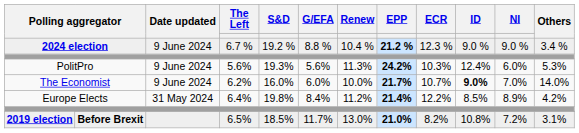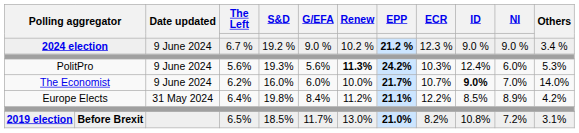 <table class="wikitable collapsible" style="text-align:center; font-size:95%; line-height:16px;">
 <tr style="height:42px;">
 <th colspan="2" rowspan="2">Polling aggregator</th>
 <th rowspan="2" style="width:100px;">Date updated</th>
 <th class="unsortable" style="width:50px;"><a href='#'>The Left</a></th>
 <th class="unsortable" style="width:50px;"><a href='#'>S&D</a></th>
 <th class="unsortable" style="width:50px;"><a href='#'>G/EFA</a></th>
 <th class="unsortable" style="width:50px;"><a href='#'>Renew</a></th>
 <th class="unsortable" style="width:50px;"><a href='#'>EPP</a></th>
 <th class="unsortable" style="width:50px;"><a href='#'>ECR</a></th>
 <th class="unsortable" style="width:50px;"><a href='#'>ID</a></th>
 <th class="unsortable" style="width:50px;"><a href='#'>NI</a></th>
 <th rowspan="2" class="unsortable" style="width:50px;">Others</th>
 </tr>
 <tr>
 <th data-sort-type="number" style="color:inherit;background:"></th>
 <th data-sort-type="number" style="color:inherit;background:"></th>
 <th data-sort-type="number" style="color:inherit;background:"></th>
 <th data-sort-type="number" style="color:inherit;background:"></th>
 <th data-sort-type="number" style="color:inherit;background:"></th>
 <th data-sort-type="number" style="color:inherit;background:"></th>
 <th data-sort-type="number" style="color:inherit;background:"></th>
 <th data-sort-type="number" style="color:inherit;background:"></th>
 </tr>
 <tr style="background:#EFEFEF;">
 <td colspan="2"><strong><a href='#'>2024 election</a></strong></td>
 <td>9 June 2024</td>
 <td>6.7 %</td>
 <td>19.2 %</td>
-<td>8.8 %</td>
-<td>10.4 %</td>
+<td>9.0 %</td>
+<td>10.2 %</td>
 <td style="background:#CCE5FF;"><strong>21.2 %</strong></td>
 <td>12.3 %</td>
 <td>9.0 %</td>
 <td>9.0 %</td>
 <td>3.4 %</td>
 </tr>
 <tr>
 <td colspan="13" style="background:#A0A0A0"></td>
 </tr>
 <tr>
 <td colspan="2">PolitPro</td>
 <td>9 June 2024</td>
 <td>5.6%</td>
 <td>19.3%</td>
 <td>5.6%</td>
-<td>11.3%</td>
+<td><strong>11.3%</strong></td>
 <td style="background:#CCE5FF;"><strong>24.2%</strong></td>
 <td>10.3%</td>
 <td>12.4%</td>
 <td>6.0%</td>
 <td>5.3%</td>
 </tr>
 <tr>
 <td colspan="2"><a href='#'>The Economist</a></td>
 <td>9 June 2024</td>
 <td>6.2%</td>
 <td>16.0%</td>
 <td>6.0%</td>
 <td>10.0%</td>
 <td style="background:#CCE5FF;"><strong>21.7%</strong></td>
 <td>10.7%</td>
 <td><strong>9.0%</strong></td>
 <td>7.0%</td>
 <td>14.0%</td>
 </tr>
 <tr>
 <td colspan="2">Europe Elects</td>
 <td>31 May 2024</td>
 <td>6.4%</td>
 <td>19.8%</td>
 <td>8.4%</td>
 <td>11.2%</td>
-<td style="background:#CCE5FF;"><strong>21.4%</strong></td>
+<td style="background:#CCE5FF;"><strong>21.1%</strong></td>
 <td>12.2%</td>
 <td>8.5%</td>
 <td>8.9%</td>
 <td>4.2%</td>
 </tr>
 <tr>
 <td colspan="13" style="background:#A0A0A0"></td>
 </tr>
 <tr style="background:#EFEFEF;">
 <td rowspan="2"><strong><a href='#'>2019 election</a></strong></td>
 </tr>
 <tr style="background:#EFEFEF;">
 <td><strong>Before Brexit</strong></td>
 <td></td>
 <td>6.5%</td>
 <td>18.5%</td>
 <td>11.7%</td>
 <td>13.0%</td>
 <td style="background:#CCE5FF;"><strong>21.0%</strong></td>
 <td>8.2%</td>
 <td>10.8%</td>
 <td>7.2%</td>
 <td>3.1%</td>
 </tr>
 </table>
